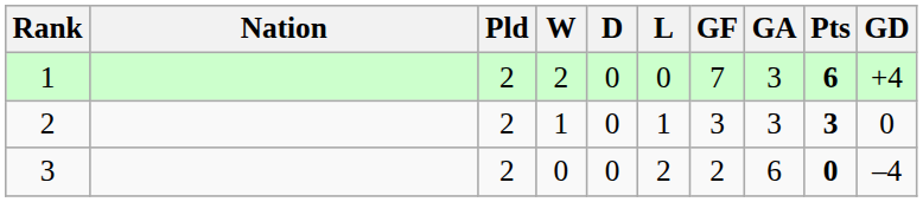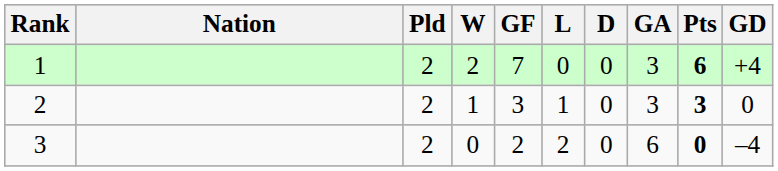 <table class="wikitable" style="text-align: center;">
 <tr>
 <th width=5>Rank</th>
 <th width=200>Nation</th>
 <th width=20>Pld</th>
 <th width=20>W</th>
+<th width=20>GF</th>
+<th width=20>L</th>
 <th width=20>D</th>
-<th width=20>L</th>
-<th width=20>GF</th>
 <th width=20>GA</th>
 <th width=20>Pts</th>
 <th width=20>GD</th>
 </tr>
 <tr style="background:#ccffcc">
 <td>1</td>
 <td style="text-align:left"></td>
 <td>2</td>
 <td>2</td>
+<td>7</td>
 <td>0</td>
 <td>0</td>
-<td>7</td>
 <td>3</td>
 <td><strong>6</strong></td>
 <td>+4</td>
 </tr>
 <tr>
 <td>2</td>
 <td style="text-align:left"></td>
 <td>2</td>
 <td>1</td>
+<td>3</td>
+<td>1</td>
 <td>0</td>
-<td>1</td>
-<td>3</td>
 <td>3</td>
 <td><strong>3</strong></td>
 <td>0</td>
 </tr>
 <tr>
 <td>3</td>
 <td style="text-align:left"></td>
 <td>2</td>
 <td>0</td>
-<td>0</td>
 <td>2</td>
 <td>2</td>
+<td>0</td>
 <td>6</td>
 <td><strong>0</strong></td>
 <td>–4</td>
 </tr>
 </table>
